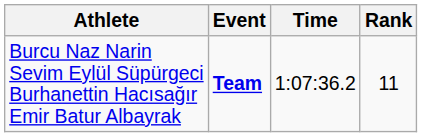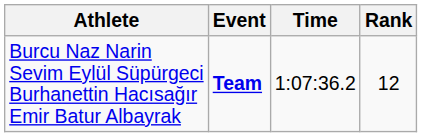 <table class=wikitable style="font-size:90%;">
 <tr>
 <th>Athlete</th>
 <th>Event</th>
 <th>Time</th>
 <th>Rank</th>
 </tr>
 <tr style="text-align:center">
 <td style="text-align:left"><a href='#'>Burcu Naz Narin</a><br><a href='#'>Sevim Eylül Süpürgeci</a> <br><a href='#'>Burhanettin Hacısağır</a><br><a href='#'>Emir Batur Albayrak</a></td>
 <td style="text-align:left"><strong><a href='#'>Team</a></strong></td>
 <td>1:07:36.2</td>
-<td>11</td>
+<td>12</td>
 </tr>
 </table>
